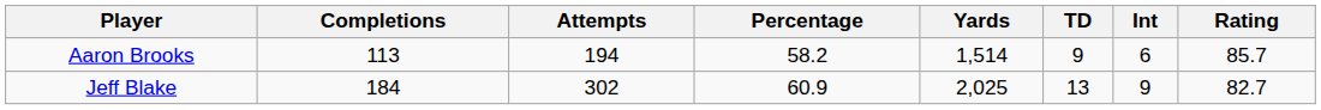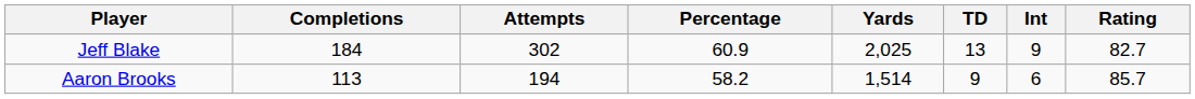 <table class="wikitable" style="width:80%;">
 <tr align="center">
 <th>Player</th>
 <th>Completions</th>
 <th>Attempts</th>
 <th>Percentage</th>
 <th>Yards</th>
 <th>TD</th>
 <th>Int</th>
 <th>Rating</th>
 </tr>
 <tr style="text-align:center;" bgcolor="">
+<td><a href='#'>Jeff Blake</a></td>
+<td>184</td>
+<td>302</td>
+<td>60.9</td>
+<td>2,025</td>
+<td>13</td>
+<td>9</td>
+<td>82.7</td>
+</tr>
+<tr style="text-align:center;" bgcolor="">
 <td><a href='#'>Aaron Brooks</a></td>
 <td>113</td>
 <td>194</td>
 <td>58.2</td>
 <td>1,514</td>
 <td>9</td>
 <td>6</td>
 <td>85.7</td>
 </tr>
-<tr style="text-align:center;" bgcolor="">
-<td><a href='#'>Jeff Blake</a></td>
-<td>184</td>
-<td>302</td>
-<td>60.9</td>
-<td>2,025</td>
-<td>13</td>
-<td>9</td>
-<td>82.7</td>
-</tr>
 </table>
